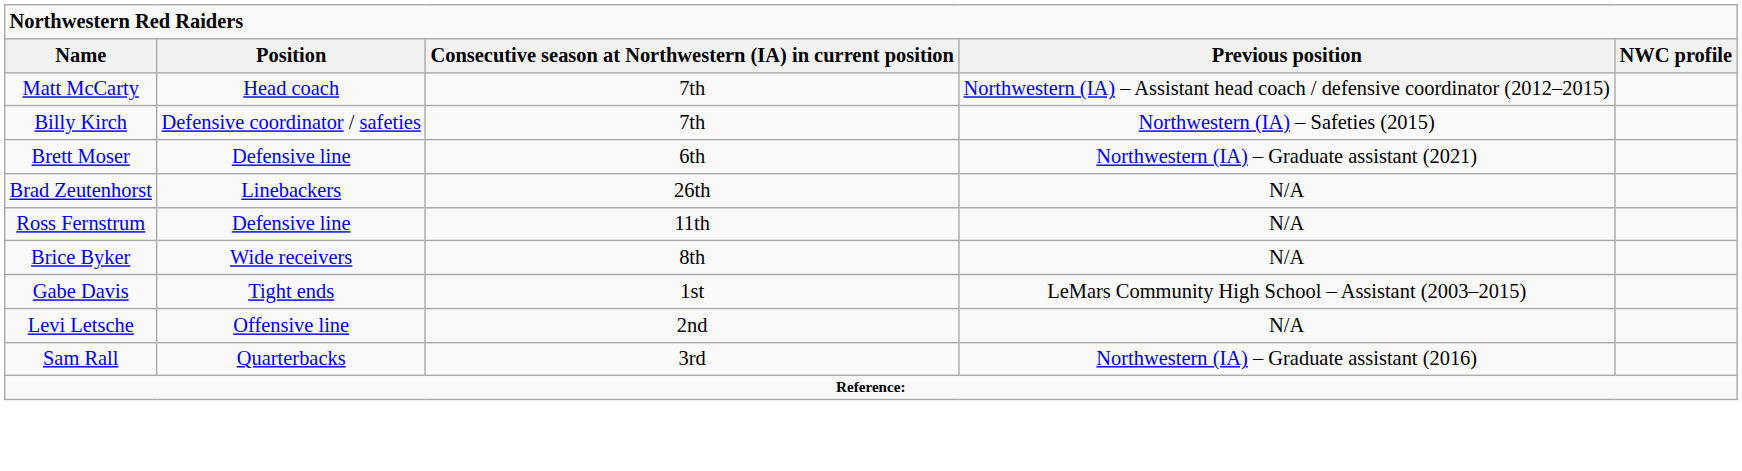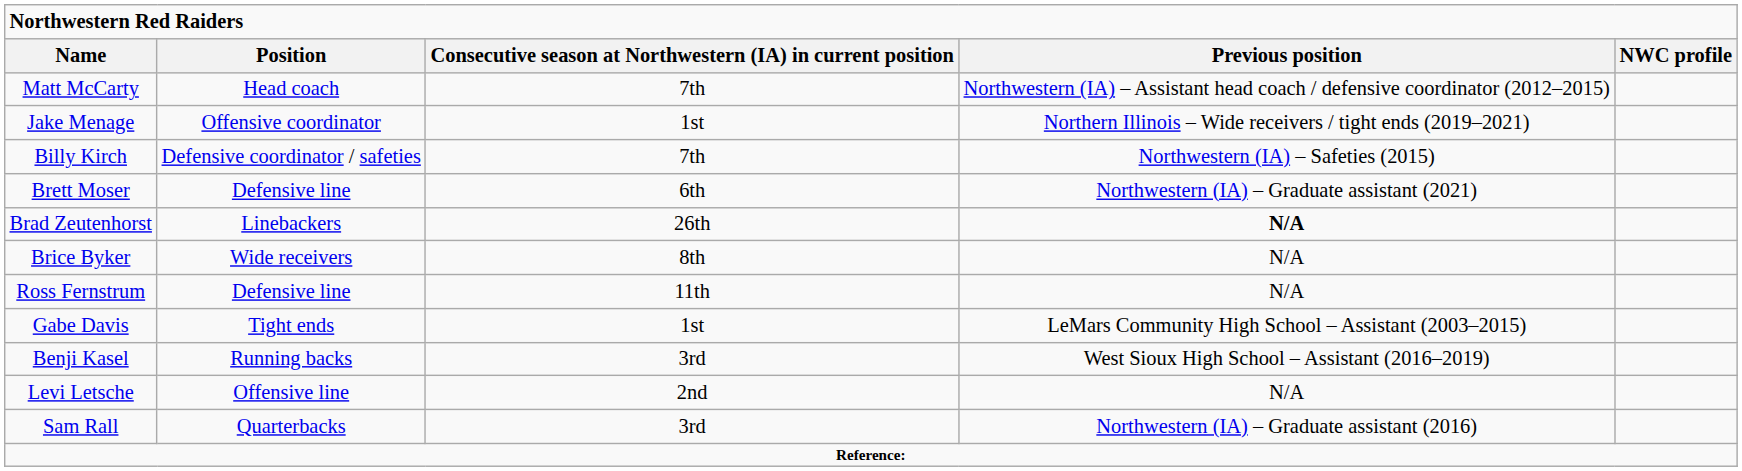 <table class="wikitable" style="font-size:90%;">
 <tr>
 <td colspan=5><strong>Northwestern Red Raiders</strong></td>
 </tr>
 <tr align="center";>
 <th>Name</th>
 <th>Position</th>
 <th>Consecutive season at Northwestern (IA) in current position</th>
 <th>Previous position</th>
 <th>NWC profile</th>
 </tr>
 <tr align="center";>
 <td><a href='#'>Matt McCarty</a></td>
 <td><a href='#'>Head coach</a></td>
 <td>7th</td>
 <td><a href='#'>Northwestern (IA)</a> – Assistant head coach / defensive coordinator (2012–2015)</td>
+<td></td>
+</tr>
+<tr align="center";>
+<td><a href='#'>Jake Menage</a></td>
+<td><a href='#'>Offensive coordinator</a></td>
+<td>1st</td>
+<td><a href='#'>Northern Illinois</a> – Wide receivers / tight ends (2019–2021)</td>
 <td></td>
 </tr>
 <tr align="center";>
 <td><a href='#'>Billy Kirch</a></td>
 <td><a href='#'>Defensive coordinator</a> / <a href='#'>safeties</a></td>
 <td>7th</td>
 <td><a href='#'>Northwestern (IA)</a> – Safeties (2015)</td>
 <td></td>
 </tr>
 <tr align="center";>
 <td><a href='#'>Brett Moser</a></td>
 <td><a href='#'>Defensive line</a></td>
 <td>6th</td>
 <td><a href='#'>Northwestern (IA)</a> – Graduate assistant (2021)</td>
 <td></td>
 </tr>
 <tr align="center";>
 <td><a href='#'>Brad Zeutenhorst</a></td>
 <td><a href='#'>Linebackers</a></td>
 <td>26th</td>
+<td><strong>N/A</strong></td>
+<td></td>
+</tr>
+<tr align="center";>
+<td><a href='#'>Brice Byker</a></td>
+<td><a href='#'>Wide receivers</a></td>
+<td>8th</td>
 <td>N/A</td>
 <td></td>
 </tr>
 <tr align="center";>
 <td><a href='#'>Ross Fernstrum</a></td>
 <td><a href='#'>Defensive line</a></td>
 <td>11th</td>
 <td>N/A</td>
 <td></td>
 </tr>
 <tr align="center";>
-<td><a href='#'>Brice Byker</a></td>
-<td><a href='#'>Wide receivers</a></td>
-<td>8th</td>
-<td>N/A</td>
-<td></td>
-</tr>
-<tr align="center";>
 <td><a href='#'>Gabe Davis</a></td>
 <td><a href='#'>Tight ends</a></td>
 <td>1st</td>
 <td>LeMars Community High School – Assistant (2003–2015)</td>
+<td></td>
+</tr>
+<tr align="center";>
+<td><a href='#'>Benji Kasel</a></td>
+<td><a href='#'>Running backs</a></td>
+<td>3rd</td>
+<td>West Sioux High School – Assistant (2016–2019)</td>
 <td></td>
 </tr>
 <tr align="center";>
 <td><a href='#'>Levi Letsche</a></td>
 <td><a href='#'>Offensive line</a></td>
 <td>2nd</td>
 <td>N/A</td>
 <td></td>
 </tr>
 <tr align="center" ;>
 <td><a href='#'>Sam Rall</a></td>
 <td><a href='#'>Quarterbacks</a></td>
 <td>3rd</td>
 <td><a href='#'>Northwestern (IA)</a> – Graduate assistant (2016)</td>
 <td></td>
 </tr>
 <tr>
 <td colspan="5" style="font-size:8pt; text-align:center;"><strong>Reference:</strong></td>
 </tr>
 </table>
